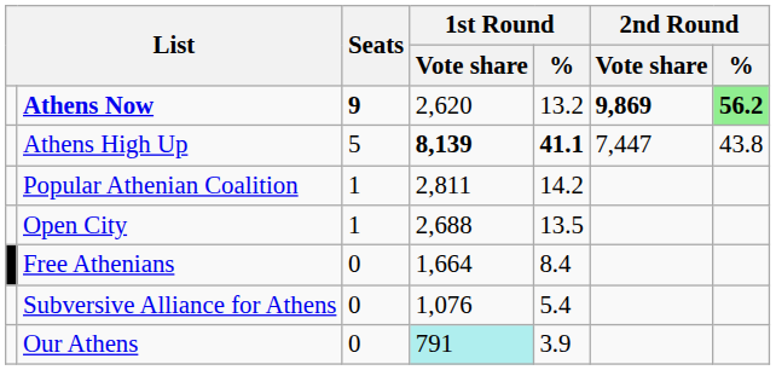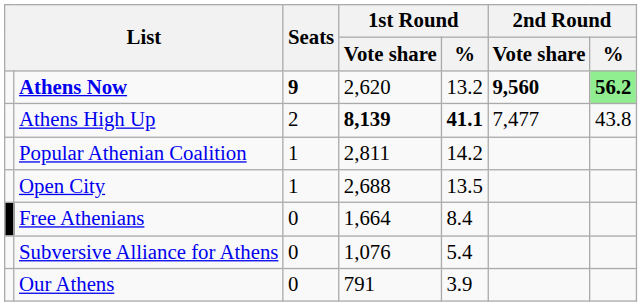 <table class="wikitable">
 <tr>
 <th colspan="2" rowspan="2">List</th>
 <th rowspan="2">Seats</th>
 <th colspan="2">1st Round</th>
 <th colspan="2">2nd Round</th>
 </tr>
 <tr>
 <th><strong>Vote share</strong></th>
 <th>%</th>
 <th><strong>Vote share</strong></th>
 <th>%</th>
 </tr>
 <tr>
 <td style="background-color:"></td>
 <td><strong><a href='#'>Athens Now</a></strong></td>
 <td><strong>9</strong></td>
 <td>2,620</td>
 <td>13.2</td>
-<td><strong>9,869</strong></td>
+<td><strong>9,560</strong></td>
 <td style="background: lightgreen;"><strong>56.2</strong></td>
 </tr>
 <tr>
 <td style="background-color:"></td>
 <td><a href='#'>Athens High Up</a></td>
-<td>5</td>
+<td>2</td>
 <td><strong>8,139</strong></td>
 <td><strong>41.1</strong></td>
-<td>7,447</td>
+<td>7,477</td>
 <td>43.8</td>
 </tr>
 <tr>
 <td style="background-color:"></td>
 <td><a href='#'>Popular Athenian Coalition</a></td>
 <td>1</td>
 <td>2,811</td>
 <td>14.2</td>
 <td></td>
 <td></td>
 </tr>
 <tr>
 <td style="background-color:"></td>
 <td><a href='#'>Open City</a></td>
 <td>1</td>
 <td>2,688</td>
 <td>13.5</td>
 <td></td>
 <td></td>
 </tr>
 <tr>
 <td style="background-color:#000000"></td>
 <td><a href='#'>Free Athenians</a></td>
 <td>0</td>
 <td>1,664</td>
 <td>8.4</td>
 <td></td>
 <td></td>
 </tr>
 <tr>
 <td style="background-color:"></td>
 <td><a href='#'>Subversive Alliance for Athens</a></td>
 <td>0</td>
 <td>1,076</td>
 <td>5.4</td>
 <td></td>
 <td></td>
 </tr>
 <tr>
 <td style="background-color:"></td>
 <td><a href='#'>Our Athens</a></td>
 <td>0</td>
-<td style="background: paleturquoise;">791</td>
+<td>791</td>
 <td>3.9</td>
 <td></td>
 <td></td>
 </tr>
 </table>
